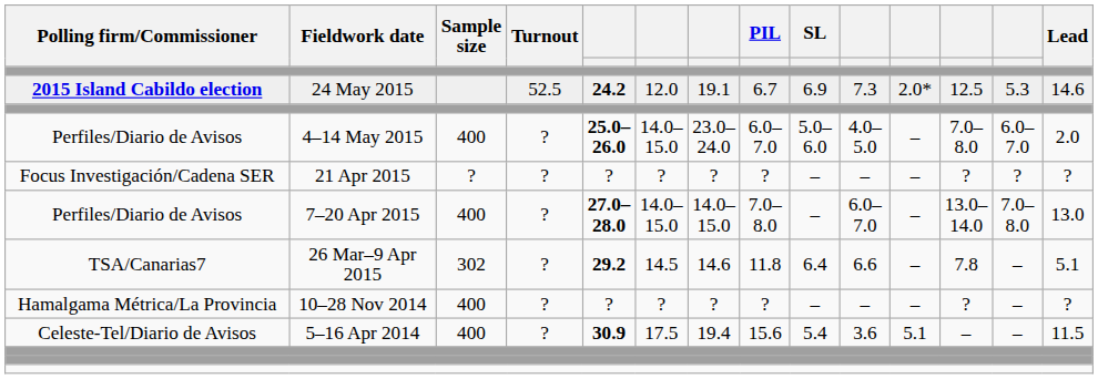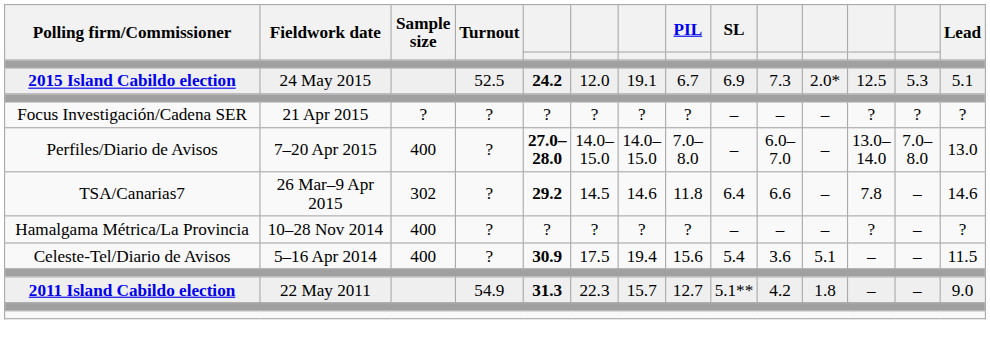 <table class="wikitable collapsible collapsed" style="text-align:center; font-size:95%; line-height:16px;">
 <tr style="height:42px;">
 <th style="width:250px;" rowspan="2">Polling firm/Commissioner</th>
 <th style="width:125px;" rowspan="2">Fieldwork date</th>
 <th style="width:50px;" rowspan="2">Sample size</th>
 <th style="width:45px;" rowspan="2">Turnout</th>
 <th style="width:35px;"></th>
 <th style="width:35px;"></th>
 <th style="width:35px;"></th>
 <th style="width:35px;"><a href='#'>PIL</a></th>
 <th style="width:35px;">SL</th>
 <th style="width:35px;"></th>
 <th style="width:35px;"></th>
 <th style="width:35px;"></th>
 <th style="width:35px;"></th>
 <th style="width:30px;" rowspan="2">Lead</th>
 </tr>
 <tr>
 <th style="color:inherit;background:"></th>
 <th style="color:inherit;background:"></th>
 <th style="color:inherit;background:"></th>
 <th style="color:inherit;background:"></th>
 <th style="color:inherit;background:"></th>
 <th style="color:inherit;background:"></th>
 <th style="color:inherit;background:"></th>
 <th style="color:inherit;background:"></th>
 <th style="color:inherit;background:"></th>
 </tr>
 <tr>
 <td colspan="14" style="background:#A0A0A0"></td>
 </tr>
 <tr style="background:#EFEFEF;">
 <td><strong><a href='#'>2015 Island Cabildo election</a></strong></td>
 <td>24 May 2015</td>
 <td></td>
 <td>52.5</td>
 <td><strong>24.2</strong><br></td>
 <td>12.0<br></td>
 <td>19.1<br></td>
 <td>6.7<br></td>
 <td>6.9<br></td>
 <td>7.3<br></td>
 <td>2.0*<br></td>
 <td>12.5<br></td>
 <td>5.3<br></td>
-<td style="background:">14.6</td>
+<td style="background:">5.1</td>
 </tr>
 <tr>
 <td colspan="14" style="background:#A0A0A0"></td>
-</tr>
-<tr>
-<td>Perfiles/Diario de Avisos</td>
-<td>4–14 May 2015</td>
-<td>400</td>
-<td>?</td>
-<td><strong>25.0–<br>26.0</strong><br></td>
-<td>14.0–<br>15.0<br></td>
-<td>23.0–<br>24.0<br></td>
-<td>6.0–<br>7.0<br></td>
-<td>5.0–<br>6.0<br></td>
-<td>4.0–<br>5.0<br></td>
-<td>–</td>
-<td>7.0–<br>8.0<br></td>
-<td>6.0–<br>7.0<br></td>
-<td style="background:">2.0</td>
 </tr>
 <tr>
 <td>Focus Investigación/Cadena SER</td>
 <td>21 Apr 2015</td>
 <td>?</td>
 <td>?</td>
 <td>?<br></td>
 <td>?<br></td>
 <td>?<br></td>
 <td>?<br></td>
 <td>–</td>
 <td>–</td>
 <td>–</td>
 <td>?<br></td>
 <td>?<br></td>
 <td style="background:">?</td>
 </tr>
 <tr>
 <td>Perfiles/Diario de Avisos</td>
 <td>7–20 Apr 2015</td>
 <td>400</td>
 <td>?</td>
 <td><strong>27.0–<br>28.0</strong><br></td>
 <td>14.0–<br>15.0<br></td>
 <td>14.0–<br>15.0<br></td>
 <td>7.0–<br>8.0<br></td>
 <td>–</td>
 <td>6.0–<br>7.0<br></td>
 <td>–</td>
 <td>13.0–<br>14.0<br></td>
 <td>7.0–<br>8.0<br></td>
 <td style="background:">13.0</td>
 </tr>
 <tr>
 <td>TSA/Canarias7</td>
 <td>26 Mar–9 Apr 2015</td>
 <td>302</td>
 <td>?</td>
 <td><strong>29.2</strong><br></td>
 <td>14.5<br></td>
 <td>14.6<br></td>
 <td>11.8<br></td>
 <td>6.4<br></td>
 <td>6.6<br></td>
 <td>–</td>
 <td>7.8<br></td>
 <td>–</td>
-<td style="background:">5.1</td>
+<td style="background:">14.6</td>
 </tr>
 <tr>
 <td>Hamalgama Métrica/La Provincia</td>
 <td>10–28 Nov 2014</td>
 <td>400</td>
 <td>?</td>
 <td>?<br></td>
 <td>?<br></td>
 <td>?<br></td>
 <td>?<br></td>
 <td>–</td>
 <td>–</td>
 <td>–</td>
 <td>?<br></td>
 <td>–</td>
 <td style="background:">?</td>
 </tr>
 <tr>
 <td>Celeste-Tel/Diario de Avisos</td>
 <td>5–16 Apr 2014</td>
 <td>400</td>
 <td>?</td>
 <td><strong>30.9</strong><br></td>
 <td>17.5<br></td>
 <td>19.4<br></td>
 <td>15.6<br></td>
 <td>5.4<br></td>
 <td>3.6<br></td>
 <td>5.1<br></td>
 <td>–</td>
 <td>–</td>
 <td style="background:">11.5</td>
 </tr>
 <tr>
 <td colspan="14" style="background:#A0A0A0"></td>
 </tr>
+<tr style="background:#EFEFEF;">
+<td><strong><a href='#'>2011 Island Cabildo election</a></strong></td>
+<td>22 May 2011</td>
+<td></td>
+<td>54.9</td>
+<td><strong>31.3</strong><br></td>
+<td>22.3<br></td>
+<td>15.7<br></td>
+<td>12.7<br></td>
+<td>5.1**<br></td>
+<td>4.2<br></td>
+<td>1.8<br></td>
+<td>–</td>
+<td>–</td>
+<td style="background:">9.0</td>
+</tr>
 <tr>
 <td colspan="14" style="background:#A0A0A0"></td>
 </tr>
 <tr>
 <td align="left" colspan="14"></td>
 </tr>
 </table>
